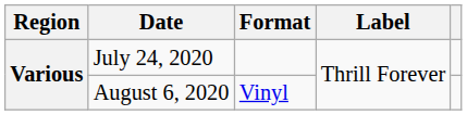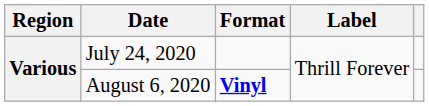 <table class="wikitable plainrowheaders">
 <tr>
 <th scope="col">Region</th>
 <th scope="col">Date</th>
 <th scope="col">Format</th>
 <th scope="col">Label</th>
 <th scope="col"></th>
 </tr>
 <tr>
 <th scope="row" rowspan="2">Various</th>
 <td>July 24, 2020</td>
 <td></td>
 <td rowspan="2">Thrill Forever</td>
 <td></td>
 </tr>
 <tr>
 <td>August 6, 2020</td>
-<td><a href='#'>Vinyl</a></td>
+<td><strong><a href='#'>Vinyl</a></strong></td>
 <td></td>
 </tr>
 </table>
